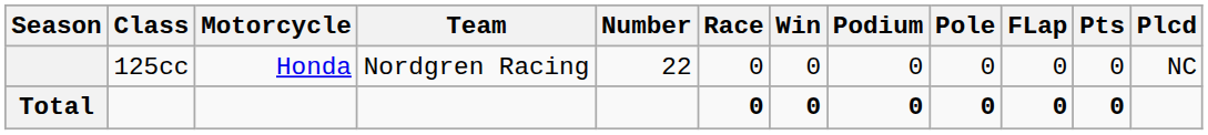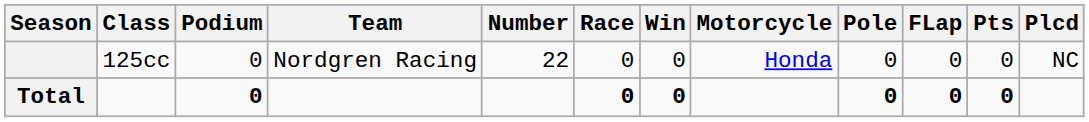 <table class="wikitable" style=text-align:right>
 <tr>
 <th>Season</th>
 <th>Class</th>
-<th>Motorcycle</th>
+<th>Podium</th>
 <th>Team</th>
 <th>Number</th>
 <th>Race</th>
 <th>Win</th>
-<th>Podium</th>
+<th>Motorcycle</th>
 <th>Pole</th>
 <th>FLap</th>
 <th>Pts</th>
 <th>Plcd</th>
 </tr>
 <tr>
 <th></th>
 <td>125cc</td>
-<td><a href='#'>Honda</a></td>
+<td>0</td>
 <td>Nordgren Racing</td>
 <td>22</td>
 <td>0</td>
 <td>0</td>
-<td>0</td>
+<td><a href='#'>Honda</a></td>
 <td>0</td>
 <td>0</td>
 <td>0</td>
 <td>NC</td>
 </tr>
 <tr>
 <th>Total</th>
 <td></td>
-<td></td>
+<td><strong>0</strong></td>
 <td></td>
 <td></td>
 <td><strong>0</strong></td>
 <td><strong>0</strong></td>
-<td><strong>0</strong></td>
+<td></td>
 <td><strong>0</strong></td>
 <td><strong>0</strong></td>
 <td><strong>0</strong></td>
 <td></td>
 </tr>
 </table>
